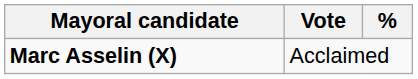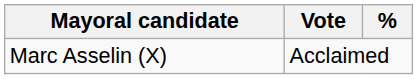 <table class="wikitable">
 <tr>
 <th bgcolor="#DDDDFF" width="200px">Mayoral candidate</th>
 <th bgcolor="#DDDDFF" width="50px">Vote</th>
 <th bgcolor="#DDDDFF"  width="30px">%</th>
 </tr>
 <tr>
-<td><strong>Marc Asselin (X)</strong></td>
+<td>Marc Asselin (X)</td>
 <td colspan="2">Acclaimed</td>
 </tr>
 </table>
